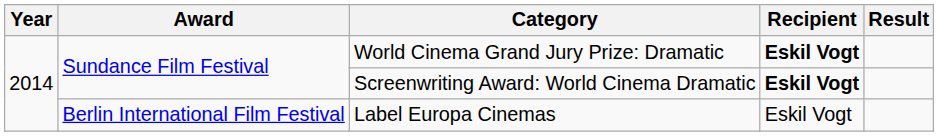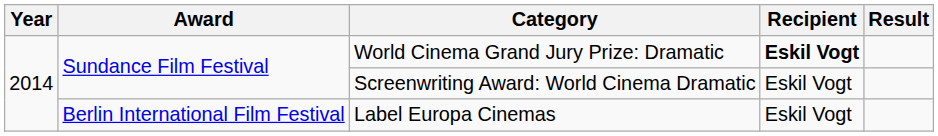 <table class="wikitable sortable">
 <tr>
 <th>Year</th>
 <th>Award</th>
 <th>Category</th>
 <th>Recipient</th>
 <th>Result</th>
 </tr>
 <tr>
 <td rowspan="3">2014</td>
 <td rowspan="2"><a href='#'>Sundance Film Festival</a></td>
 <td>World Cinema Grand Jury Prize: Dramatic</td>
 <td><strong>Eskil Vogt</strong></td>
 <td></td>
 </tr>
 <tr>
 <td>Screenwriting Award: World Cinema Dramatic</td>
-<td><strong>Eskil Vogt</strong></td>
+<td>Eskil Vogt</td>
 <td></td>
 </tr>
 <tr>
 <td><a href='#'>Berlin International Film Festival</a></td>
 <td>Label Europa Cinemas</td>
 <td>Eskil Vogt</td>
 <td></td>
 </tr>
 </table>
